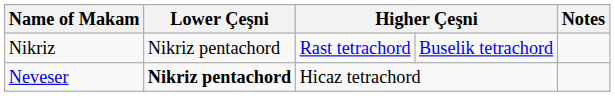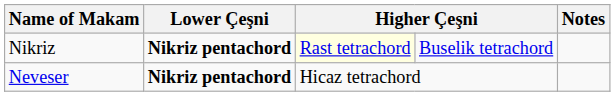 <table class="wikitable">
 <tr>
 <th>Name of Makam</th>
 <th>Lower Çeşni</th>
 <th colspan="2">Higher Çeşni</th>
 <th>Notes</th>
 </tr>
 <tr>
 <td>Nikriz</td>
-<td>Nikriz pentachord</td>
-<td><a href='#'>Rast tetrachord</a></td>
+<td><strong>Nikriz pentachord</strong></td>
+<td style="background: lightyellow;"><a href='#'>Rast tetrachord</a></td>
 <td><a href='#'>Buselik tetrachord</a></td>
 <td></td>
 </tr>
 <tr>
 <td><a href='#'>Neveser</a></td>
 <td><strong>Nikriz pentachord</strong></td>
 <td colspan="2">Hicaz tetrachord</td>
 <td></td>
 </tr>
 </table>
